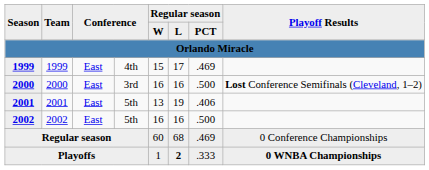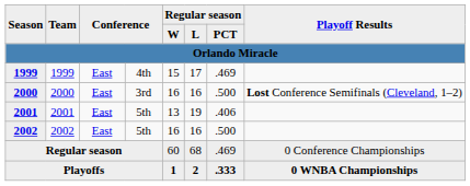 <table class="wikitable" style="font-size:95%; text-align: center; margin:1em auto;">
 <tr>
 <th rowspan="2" style="background:#eee;">Season</th>
 <th rowspan="2" style="background:#eee;">Team</th>
 <th rowspan="2" colspan="2" style="background:#eee;">Conference</th>
 <th colspan="3" style="background:#eee;">Regular season</th>
 <th rowspan="2" style="background:#eee;"><a href='#'>Playoff</a> Results</th>
 </tr>
 <tr>
 <th style="background:#eee;">W</th>
 <th style="background:#eee;">L</th>
 <th style="background:#eee;">PCT</th>
 </tr>
 <tr>
 <td colspan="8" align=center bgcolor="#4682B4"><strong><span>Orlando Miracle</span></strong></td>
 </tr>
 <tr align="center">
 <th style="background:#eee;"><a href='#'>1999</a></th>
 <td><a href='#'>1999</a></td>
 <td style="width: 10%"><a href='#'>East</a></td>
 <td>4th</td>
 <td>15</td>
 <td>17</td>
 <td>.469</td>
 <td></td>
 </tr>
 <tr align="center">
 <th style="background:#eee;"><a href='#'>2000</a></th>
 <td><a href='#'>2000</a></td>
 <td style="width: 10%"><a href='#'>East</a></td>
 <td>3rd</td>
 <td>16</td>
 <td>16</td>
 <td>.500</td>
 <td><strong>Lost</strong> Conference Semifinals (<a href='#'>Cleveland</a>, 1–2)</td>
 </tr>
 <tr align="center">
 <th style="background:#eee;"><a href='#'>2001</a></th>
 <td><a href='#'>2001</a></td>
 <td style="width: 10%"><a href='#'>East</a></td>
 <td>5th</td>
 <td>13</td>
 <td>19</td>
 <td>.406</td>
 <td></td>
 </tr>
 <tr align="center">
 <th style="background:#eee;"><a href='#'>2002</a></th>
 <td><a href='#'>2002</a></td>
 <td style="width: 10%"><a href='#'>East</a></td>
 <td>5th</td>
 <td>16</td>
 <td>16</td>
 <td>.500</td>
 <td></td>
 </tr>
 <tr>
 <th colspan="4" style="background:#eee;">Regular season</th>
 <td style="background:#eee;">60</td>
 <td style="background:#eee;">68</td>
 <td style="background:#eee;">.469</td>
 <td style="background:#eee;">0 Conference Championships</td>
 </tr>
 <tr>
 <th colspan="4" style="background:#eee;">Playoffs</th>
-<td style="background:#eee;">1</td>
+<td style="background:#eee;"><strong>1</strong></td>
 <td style="background:#eee;"><strong>2</strong></td>
-<td style="background:#eee;">.333</td>
+<td style="background:#eee;"><strong>.333</strong></td>
 <td style="background:#eee;"><strong>0 WNBA Championships</strong></td>
 </tr>
 </table>
